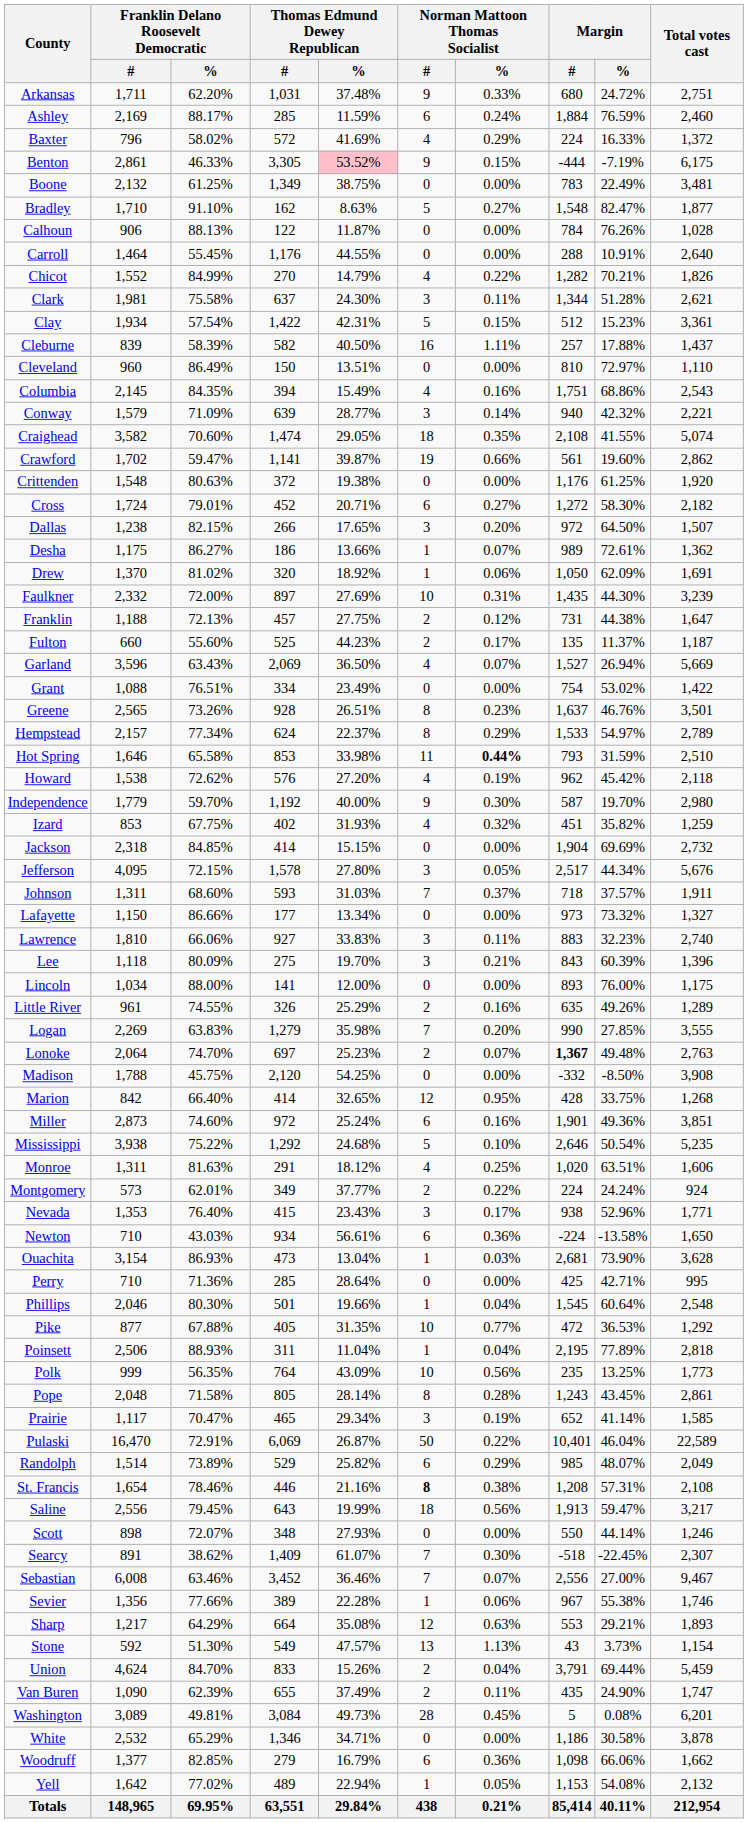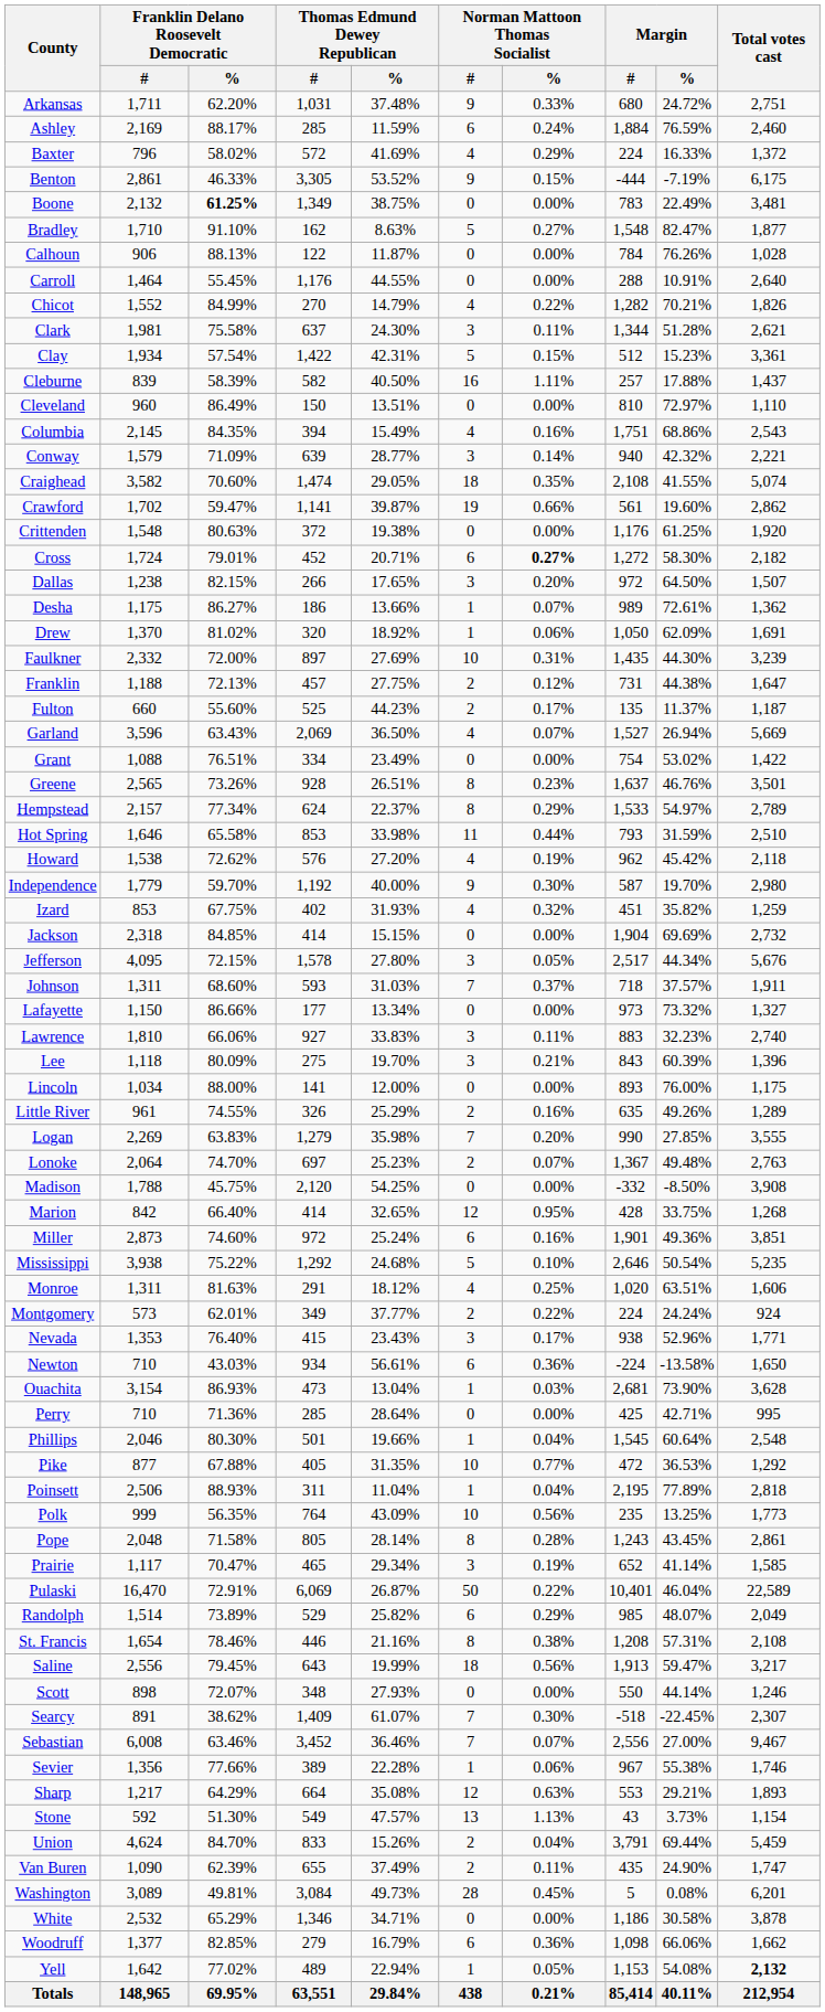 <table width="65%" class="wikitable sortable mw-collapsible mw-collapsed nowrap">
 <tr>
 <th style="text-align:center;" rowspan="2">County</th>
 <th style="text-align:center;" colspan="2">Franklin Delano Roosevelt<br>Democratic</th>
 <th style="text-align:center;" colspan="2">Thomas Edmund Dewey<br>Republican</th>
 <th style="text-align:center;" colspan="2">Norman Mattoon Thomas<br>Socialist</th>
 <th style="text-align:center;" colspan="2">Margin</th>
 <th style="text-align:center;" rowspan="2">Total votes cast</th>
 </tr>
 <tr>
 <th style="text-align:center;" data-sort-type="number">#</th>
 <th style="text-align:center;" data-sort-type="number">%</th>
 <th style="text-align:center;" data-sort-type="number">#</th>
 <th style="text-align:center;" data-sort-type="number">%</th>
 <th style="text-align:center;" data-sort-type="number">#</th>
 <th style="text-align:center;" data-sort-type="number">%</th>
 <th style="text-align:center;" data-sort-type="number">#</th>
 <th style="text-align:center;" data-sort-type="number">%</th>
 </tr>
 <tr style="text-align:center;">
 <td><a href='#'>Arkansas</a></td>
 <td>1,711</td>
 <td>62.20%</td>
 <td>1,031</td>
 <td>37.48%</td>
 <td>9</td>
 <td>0.33%</td>
 <td>680</td>
 <td>24.72%</td>
 <td>2,751</td>
 </tr>
 <tr style="text-align:center;">
 <td><a href='#'>Ashley</a></td>
 <td>2,169</td>
 <td>88.17%</td>
 <td>285</td>
 <td>11.59%</td>
 <td>6</td>
 <td>0.24%</td>
 <td>1,884</td>
 <td>76.59%</td>
 <td>2,460</td>
 </tr>
 <tr style="text-align:center;">
 <td><a href='#'>Baxter</a></td>
 <td>796</td>
 <td>58.02%</td>
 <td>572</td>
 <td>41.69%</td>
 <td>4</td>
 <td>0.29%</td>
 <td>224</td>
 <td>16.33%</td>
 <td>1,372</td>
 </tr>
 <tr style="text-align:center;">
 <td><a href='#'>Benton</a></td>
 <td>2,861</td>
 <td>46.33%</td>
 <td>3,305</td>
-<td style="background: pink;">53.52%</td>
+<td>53.52%</td>
 <td>9</td>
 <td>0.15%</td>
 <td>-444</td>
 <td>-7.19%</td>
 <td>6,175</td>
 </tr>
 <tr style="text-align:center;">
 <td><a href='#'>Boone</a></td>
 <td>2,132</td>
-<td>61.25%</td>
+<td><strong>61.25%</strong></td>
 <td>1,349</td>
 <td>38.75%</td>
 <td>0</td>
 <td>0.00%</td>
 <td>783</td>
 <td>22.49%</td>
 <td>3,481</td>
 </tr>
 <tr style="text-align:center;">
 <td><a href='#'>Bradley</a></td>
 <td>1,710</td>
 <td>91.10%</td>
 <td>162</td>
 <td>8.63%</td>
 <td>5</td>
 <td>0.27%</td>
 <td>1,548</td>
 <td>82.47%</td>
 <td>1,877</td>
 </tr>
 <tr style="text-align:center;">
 <td><a href='#'>Calhoun</a></td>
 <td>906</td>
 <td>88.13%</td>
 <td>122</td>
 <td>11.87%</td>
 <td>0</td>
 <td>0.00%</td>
 <td>784</td>
 <td>76.26%</td>
 <td>1,028</td>
 </tr>
 <tr style="text-align:center;">
 <td><a href='#'>Carroll</a></td>
 <td>1,464</td>
 <td>55.45%</td>
 <td>1,176</td>
 <td>44.55%</td>
 <td>0</td>
 <td>0.00%</td>
 <td>288</td>
 <td>10.91%</td>
 <td>2,640</td>
 </tr>
 <tr style="text-align:center;">
 <td><a href='#'>Chicot</a></td>
 <td>1,552</td>
 <td>84.99%</td>
 <td>270</td>
 <td>14.79%</td>
 <td>4</td>
 <td>0.22%</td>
 <td>1,282</td>
 <td>70.21%</td>
 <td>1,826</td>
 </tr>
 <tr style="text-align:center;">
 <td><a href='#'>Clark</a></td>
 <td>1,981</td>
 <td>75.58%</td>
 <td>637</td>
 <td>24.30%</td>
 <td>3</td>
 <td>0.11%</td>
 <td>1,344</td>
 <td>51.28%</td>
 <td>2,621</td>
 </tr>
 <tr style="text-align:center;">
 <td><a href='#'>Clay</a></td>
 <td>1,934</td>
 <td>57.54%</td>
 <td>1,422</td>
 <td>42.31%</td>
 <td>5</td>
 <td>0.15%</td>
 <td>512</td>
 <td>15.23%</td>
 <td>3,361</td>
 </tr>
 <tr style="text-align:center;">
 <td><a href='#'>Cleburne</a></td>
 <td>839</td>
 <td>58.39%</td>
 <td>582</td>
 <td>40.50%</td>
 <td>16</td>
 <td>1.11%</td>
 <td>257</td>
 <td>17.88%</td>
 <td>1,437</td>
 </tr>
 <tr style="text-align:center;">
 <td><a href='#'>Cleveland</a></td>
 <td>960</td>
 <td>86.49%</td>
 <td>150</td>
 <td>13.51%</td>
 <td>0</td>
 <td>0.00%</td>
 <td>810</td>
 <td>72.97%</td>
 <td>1,110</td>
 </tr>
 <tr style="text-align:center;">
 <td><a href='#'>Columbia</a></td>
 <td>2,145</td>
 <td>84.35%</td>
 <td>394</td>
 <td>15.49%</td>
 <td>4</td>
 <td>0.16%</td>
 <td>1,751</td>
 <td>68.86%</td>
 <td>2,543</td>
 </tr>
 <tr style="text-align:center;">
 <td><a href='#'>Conway</a></td>
 <td>1,579</td>
 <td>71.09%</td>
 <td>639</td>
 <td>28.77%</td>
 <td>3</td>
 <td>0.14%</td>
 <td>940</td>
 <td>42.32%</td>
 <td>2,221</td>
 </tr>
 <tr style="text-align:center;">
 <td><a href='#'>Craighead</a></td>
 <td>3,582</td>
 <td>70.60%</td>
 <td>1,474</td>
 <td>29.05%</td>
 <td>18</td>
 <td>0.35%</td>
 <td>2,108</td>
 <td>41.55%</td>
 <td>5,074</td>
 </tr>
 <tr style="text-align:center;">
 <td><a href='#'>Crawford</a></td>
 <td>1,702</td>
 <td>59.47%</td>
 <td>1,141</td>
 <td>39.87%</td>
 <td>19</td>
 <td>0.66%</td>
 <td>561</td>
 <td>19.60%</td>
 <td>2,862</td>
 </tr>
 <tr style="text-align:center;">
 <td><a href='#'>Crittenden</a></td>
 <td>1,548</td>
 <td>80.63%</td>
 <td>372</td>
 <td>19.38%</td>
 <td>0</td>
 <td>0.00%</td>
 <td>1,176</td>
 <td>61.25%</td>
 <td>1,920</td>
 </tr>
 <tr style="text-align:center;">
 <td><a href='#'>Cross</a></td>
 <td>1,724</td>
 <td>79.01%</td>
 <td>452</td>
 <td>20.71%</td>
 <td>6</td>
-<td>0.27%</td>
+<td><strong>0.27%</strong></td>
 <td>1,272</td>
 <td>58.30%</td>
 <td>2,182</td>
 </tr>
 <tr style="text-align:center;">
 <td><a href='#'>Dallas</a></td>
 <td>1,238</td>
 <td>82.15%</td>
 <td>266</td>
 <td>17.65%</td>
 <td>3</td>
 <td>0.20%</td>
 <td>972</td>
 <td>64.50%</td>
 <td>1,507</td>
 </tr>
 <tr style="text-align:center;">
 <td><a href='#'>Desha</a></td>
 <td>1,175</td>
 <td>86.27%</td>
 <td>186</td>
 <td>13.66%</td>
 <td>1</td>
 <td>0.07%</td>
 <td>989</td>
 <td>72.61%</td>
 <td>1,362</td>
 </tr>
 <tr style="text-align:center;">
 <td><a href='#'>Drew</a></td>
 <td>1,370</td>
 <td>81.02%</td>
 <td>320</td>
 <td>18.92%</td>
 <td>1</td>
 <td>0.06%</td>
 <td>1,050</td>
 <td>62.09%</td>
 <td>1,691</td>
 </tr>
 <tr style="text-align:center;">
 <td><a href='#'>Faulkner</a></td>
 <td>2,332</td>
 <td>72.00%</td>
 <td>897</td>
 <td>27.69%</td>
 <td>10</td>
 <td>0.31%</td>
 <td>1,435</td>
 <td>44.30%</td>
 <td>3,239</td>
 </tr>
 <tr style="text-align:center;">
 <td><a href='#'>Franklin</a></td>
 <td>1,188</td>
 <td>72.13%</td>
 <td>457</td>
 <td>27.75%</td>
 <td>2</td>
 <td>0.12%</td>
 <td>731</td>
 <td>44.38%</td>
 <td>1,647</td>
 </tr>
 <tr style="text-align:center;">
 <td><a href='#'>Fulton</a></td>
 <td>660</td>
 <td>55.60%</td>
 <td>525</td>
 <td>44.23%</td>
 <td>2</td>
 <td>0.17%</td>
 <td>135</td>
 <td>11.37%</td>
 <td>1,187</td>
 </tr>
 <tr style="text-align:center;">
 <td><a href='#'>Garland</a></td>
 <td>3,596</td>
 <td>63.43%</td>
 <td>2,069</td>
 <td>36.50%</td>
 <td>4</td>
 <td>0.07%</td>
 <td>1,527</td>
 <td>26.94%</td>
 <td>5,669</td>
 </tr>
 <tr style="text-align:center;">
 <td><a href='#'>Grant</a></td>
 <td>1,088</td>
 <td>76.51%</td>
 <td>334</td>
 <td>23.49%</td>
 <td>0</td>
 <td>0.00%</td>
 <td>754</td>
 <td>53.02%</td>
 <td>1,422</td>
 </tr>
 <tr style="text-align:center;">
 <td><a href='#'>Greene</a></td>
 <td>2,565</td>
 <td>73.26%</td>
 <td>928</td>
 <td>26.51%</td>
 <td>8</td>
 <td>0.23%</td>
 <td>1,637</td>
 <td>46.76%</td>
 <td>3,501</td>
 </tr>
 <tr style="text-align:center;">
 <td><a href='#'>Hempstead</a></td>
 <td>2,157</td>
 <td>77.34%</td>
 <td>624</td>
 <td>22.37%</td>
 <td>8</td>
 <td>0.29%</td>
 <td>1,533</td>
 <td>54.97%</td>
 <td>2,789</td>
 </tr>
 <tr style="text-align:center;">
 <td><a href='#'>Hot Spring</a></td>
 <td>1,646</td>
 <td>65.58%</td>
 <td>853</td>
 <td>33.98%</td>
 <td>11</td>
-<td><strong>0.44%</strong></td>
+<td>0.44%</td>
 <td>793</td>
 <td>31.59%</td>
 <td>2,510</td>
 </tr>
 <tr style="text-align:center;">
 <td><a href='#'>Howard</a></td>
 <td>1,538</td>
 <td>72.62%</td>
 <td>576</td>
 <td>27.20%</td>
 <td>4</td>
 <td>0.19%</td>
 <td>962</td>
 <td>45.42%</td>
 <td>2,118</td>
 </tr>
 <tr style="text-align:center;">
 <td><a href='#'>Independence</a></td>
 <td>1,779</td>
 <td>59.70%</td>
 <td>1,192</td>
 <td>40.00%</td>
 <td>9</td>
 <td>0.30%</td>
 <td>587</td>
 <td>19.70%</td>
 <td>2,980</td>
 </tr>
 <tr style="text-align:center;">
 <td><a href='#'>Izard</a></td>
 <td>853</td>
 <td>67.75%</td>
 <td>402</td>
 <td>31.93%</td>
 <td>4</td>
 <td>0.32%</td>
 <td>451</td>
 <td>35.82%</td>
 <td>1,259</td>
 </tr>
 <tr style="text-align:center;">
 <td><a href='#'>Jackson</a></td>
 <td>2,318</td>
 <td>84.85%</td>
 <td>414</td>
 <td>15.15%</td>
 <td>0</td>
 <td>0.00%</td>
 <td>1,904</td>
 <td>69.69%</td>
 <td>2,732</td>
 </tr>
 <tr style="text-align:center;">
 <td><a href='#'>Jefferson</a></td>
 <td>4,095</td>
 <td>72.15%</td>
 <td>1,578</td>
 <td>27.80%</td>
 <td>3</td>
 <td>0.05%</td>
 <td>2,517</td>
 <td>44.34%</td>
 <td>5,676</td>
 </tr>
 <tr style="text-align:center;">
 <td><a href='#'>Johnson</a></td>
 <td>1,311</td>
 <td>68.60%</td>
 <td>593</td>
 <td>31.03%</td>
 <td>7</td>
 <td>0.37%</td>
 <td>718</td>
 <td>37.57%</td>
 <td>1,911</td>
 </tr>
 <tr style="text-align:center;">
 <td><a href='#'>Lafayette</a></td>
 <td>1,150</td>
 <td>86.66%</td>
 <td>177</td>
 <td>13.34%</td>
 <td>0</td>
 <td>0.00%</td>
 <td>973</td>
 <td>73.32%</td>
 <td>1,327</td>
 </tr>
 <tr style="text-align:center;">
 <td><a href='#'>Lawrence</a></td>
 <td>1,810</td>
 <td>66.06%</td>
 <td>927</td>
 <td>33.83%</td>
 <td>3</td>
 <td>0.11%</td>
 <td>883</td>
 <td>32.23%</td>
 <td>2,740</td>
 </tr>
 <tr style="text-align:center;">
 <td><a href='#'>Lee</a></td>
 <td>1,118</td>
 <td>80.09%</td>
 <td>275</td>
 <td>19.70%</td>
 <td>3</td>
 <td>0.21%</td>
 <td>843</td>
 <td>60.39%</td>
 <td>1,396</td>
 </tr>
 <tr style="text-align:center;">
 <td><a href='#'>Lincoln</a></td>
 <td>1,034</td>
 <td>88.00%</td>
 <td>141</td>
 <td>12.00%</td>
 <td>0</td>
 <td>0.00%</td>
 <td>893</td>
 <td>76.00%</td>
 <td>1,175</td>
 </tr>
 <tr style="text-align:center;">
 <td><a href='#'>Little River</a></td>
 <td>961</td>
 <td>74.55%</td>
 <td>326</td>
 <td>25.29%</td>
 <td>2</td>
 <td>0.16%</td>
 <td>635</td>
 <td>49.26%</td>
 <td>1,289</td>
 </tr>
 <tr style="text-align:center;">
 <td><a href='#'>Logan</a></td>
 <td>2,269</td>
 <td>63.83%</td>
 <td>1,279</td>
 <td>35.98%</td>
 <td>7</td>
 <td>0.20%</td>
 <td>990</td>
 <td>27.85%</td>
 <td>3,555</td>
 </tr>
 <tr style="text-align:center;">
 <td><a href='#'>Lonoke</a></td>
 <td>2,064</td>
 <td>74.70%</td>
 <td>697</td>
 <td>25.23%</td>
 <td>2</td>
 <td>0.07%</td>
-<td><strong>1,367</strong></td>
+<td>1,367</td>
 <td>49.48%</td>
 <td>2,763</td>
 </tr>
 <tr style="text-align:center;">
 <td><a href='#'>Madison</a></td>
 <td>1,788</td>
 <td>45.75%</td>
 <td>2,120</td>
 <td>54.25%</td>
 <td>0</td>
 <td>0.00%</td>
 <td>-332</td>
 <td>-8.50%</td>
 <td>3,908</td>
 </tr>
 <tr style="text-align:center;">
 <td><a href='#'>Marion</a></td>
 <td>842</td>
 <td>66.40%</td>
 <td>414</td>
 <td>32.65%</td>
 <td>12</td>
 <td>0.95%</td>
 <td>428</td>
 <td>33.75%</td>
 <td>1,268</td>
 </tr>
 <tr style="text-align:center;">
 <td><a href='#'>Miller</a></td>
 <td>2,873</td>
 <td>74.60%</td>
 <td>972</td>
 <td>25.24%</td>
 <td>6</td>
 <td>0.16%</td>
 <td>1,901</td>
 <td>49.36%</td>
 <td>3,851</td>
 </tr>
 <tr style="text-align:center;">
 <td><a href='#'>Mississippi</a></td>
 <td>3,938</td>
 <td>75.22%</td>
 <td>1,292</td>
 <td>24.68%</td>
 <td>5</td>
 <td>0.10%</td>
 <td>2,646</td>
 <td>50.54%</td>
 <td>5,235</td>
 </tr>
 <tr style="text-align:center;">
 <td><a href='#'>Monroe</a></td>
 <td>1,311</td>
 <td>81.63%</td>
 <td>291</td>
 <td>18.12%</td>
 <td>4</td>
 <td>0.25%</td>
 <td>1,020</td>
 <td>63.51%</td>
 <td>1,606</td>
 </tr>
 <tr style="text-align:center;">
 <td><a href='#'>Montgomery</a></td>
 <td>573</td>
 <td>62.01%</td>
 <td>349</td>
 <td>37.77%</td>
 <td>2</td>
 <td>0.22%</td>
 <td>224</td>
 <td>24.24%</td>
 <td>924</td>
 </tr>
 <tr style="text-align:center;">
 <td><a href='#'>Nevada</a></td>
 <td>1,353</td>
 <td>76.40%</td>
 <td>415</td>
 <td>23.43%</td>
 <td>3</td>
 <td>0.17%</td>
 <td>938</td>
 <td>52.96%</td>
 <td>1,771</td>
 </tr>
 <tr style="text-align:center;">
 <td><a href='#'>Newton</a></td>
 <td>710</td>
 <td>43.03%</td>
 <td>934</td>
 <td>56.61%</td>
 <td>6</td>
 <td>0.36%</td>
 <td>-224</td>
 <td>-13.58%</td>
 <td>1,650</td>
 </tr>
 <tr style="text-align:center;">
 <td><a href='#'>Ouachita</a></td>
 <td>3,154</td>
 <td>86.93%</td>
 <td>473</td>
 <td>13.04%</td>
 <td>1</td>
 <td>0.03%</td>
 <td>2,681</td>
 <td>73.90%</td>
 <td>3,628</td>
 </tr>
 <tr style="text-align:center;">
 <td><a href='#'>Perry</a></td>
 <td>710</td>
 <td>71.36%</td>
 <td>285</td>
 <td>28.64%</td>
 <td>0</td>
 <td>0.00%</td>
 <td>425</td>
 <td>42.71%</td>
 <td>995</td>
 </tr>
 <tr style="text-align:center;">
 <td><a href='#'>Phillips</a></td>
 <td>2,046</td>
 <td>80.30%</td>
 <td>501</td>
 <td>19.66%</td>
 <td>1</td>
 <td>0.04%</td>
 <td>1,545</td>
 <td>60.64%</td>
 <td>2,548</td>
 </tr>
 <tr style="text-align:center;">
 <td><a href='#'>Pike</a></td>
 <td>877</td>
 <td>67.88%</td>
 <td>405</td>
 <td>31.35%</td>
 <td>10</td>
 <td>0.77%</td>
 <td>472</td>
 <td>36.53%</td>
 <td>1,292</td>
 </tr>
 <tr style="text-align:center;">
 <td><a href='#'>Poinsett</a></td>
 <td>2,506</td>
 <td>88.93%</td>
 <td>311</td>
 <td>11.04%</td>
 <td>1</td>
 <td>0.04%</td>
 <td>2,195</td>
 <td>77.89%</td>
 <td>2,818</td>
 </tr>
 <tr style="text-align:center;">
 <td><a href='#'>Polk</a></td>
 <td>999</td>
 <td>56.35%</td>
 <td>764</td>
 <td>43.09%</td>
 <td>10</td>
 <td>0.56%</td>
 <td>235</td>
 <td>13.25%</td>
 <td>1,773</td>
 </tr>
 <tr style="text-align:center;">
 <td><a href='#'>Pope</a></td>
 <td>2,048</td>
 <td>71.58%</td>
 <td>805</td>
 <td>28.14%</td>
 <td>8</td>
 <td>0.28%</td>
 <td>1,243</td>
 <td>43.45%</td>
 <td>2,861</td>
 </tr>
 <tr style="text-align:center;">
 <td><a href='#'>Prairie</a></td>
 <td>1,117</td>
 <td>70.47%</td>
 <td>465</td>
 <td>29.34%</td>
 <td>3</td>
 <td>0.19%</td>
 <td>652</td>
 <td>41.14%</td>
 <td>1,585</td>
 </tr>
 <tr style="text-align:center;">
 <td><a href='#'>Pulaski</a></td>
 <td>16,470</td>
 <td>72.91%</td>
 <td>6,069</td>
 <td>26.87%</td>
 <td>50</td>
 <td>0.22%</td>
 <td>10,401</td>
 <td>46.04%</td>
 <td>22,589</td>
 </tr>
 <tr style="text-align:center;">
 <td><a href='#'>Randolph</a></td>
 <td>1,514</td>
 <td>73.89%</td>
 <td>529</td>
 <td>25.82%</td>
 <td>6</td>
 <td>0.29%</td>
 <td>985</td>
 <td>48.07%</td>
 <td>2,049</td>
 </tr>
 <tr style="text-align:center;">
 <td><a href='#'>St. Francis</a></td>
 <td>1,654</td>
 <td>78.46%</td>
 <td>446</td>
 <td>21.16%</td>
-<td><strong>8</strong></td>
+<td>8</td>
 <td>0.38%</td>
 <td>1,208</td>
 <td>57.31%</td>
 <td>2,108</td>
 </tr>
 <tr style="text-align:center;">
 <td><a href='#'>Saline</a></td>
 <td>2,556</td>
 <td>79.45%</td>
 <td>643</td>
 <td>19.99%</td>
 <td>18</td>
 <td>0.56%</td>
 <td>1,913</td>
 <td>59.47%</td>
 <td>3,217</td>
 </tr>
 <tr style="text-align:center;">
 <td><a href='#'>Scott</a></td>
 <td>898</td>
 <td>72.07%</td>
 <td>348</td>
 <td>27.93%</td>
 <td>0</td>
 <td>0.00%</td>
 <td>550</td>
 <td>44.14%</td>
 <td>1,246</td>
 </tr>
 <tr style="text-align:center;">
 <td><a href='#'>Searcy</a></td>
 <td>891</td>
 <td>38.62%</td>
 <td>1,409</td>
 <td>61.07%</td>
 <td>7</td>
 <td>0.30%</td>
 <td>-518</td>
 <td>-22.45%</td>
 <td>2,307</td>
 </tr>
 <tr style="text-align:center;">
 <td><a href='#'>Sebastian</a></td>
 <td>6,008</td>
 <td>63.46%</td>
 <td>3,452</td>
 <td>36.46%</td>
 <td>7</td>
 <td>0.07%</td>
 <td>2,556</td>
 <td>27.00%</td>
 <td>9,467</td>
 </tr>
 <tr style="text-align:center;">
 <td><a href='#'>Sevier</a></td>
 <td>1,356</td>
 <td>77.66%</td>
 <td>389</td>
 <td>22.28%</td>
 <td>1</td>
 <td>0.06%</td>
 <td>967</td>
 <td>55.38%</td>
 <td>1,746</td>
 </tr>
 <tr style="text-align:center;">
 <td><a href='#'>Sharp</a></td>
 <td>1,217</td>
 <td>64.29%</td>
 <td>664</td>
 <td>35.08%</td>
 <td>12</td>
 <td>0.63%</td>
 <td>553</td>
 <td>29.21%</td>
 <td>1,893</td>
 </tr>
 <tr style="text-align:center;">
 <td><a href='#'>Stone</a></td>
 <td>592</td>
 <td>51.30%</td>
 <td>549</td>
 <td>47.57%</td>
 <td>13</td>
 <td>1.13%</td>
 <td>43</td>
 <td>3.73%</td>
 <td>1,154</td>
 </tr>
 <tr style="text-align:center;">
 <td><a href='#'>Union</a></td>
 <td>4,624</td>
 <td>84.70%</td>
 <td>833</td>
 <td>15.26%</td>
 <td>2</td>
 <td>0.04%</td>
 <td>3,791</td>
 <td>69.44%</td>
 <td>5,459</td>
 </tr>
 <tr style="text-align:center;">
 <td><a href='#'>Van Buren</a></td>
 <td>1,090</td>
 <td>62.39%</td>
 <td>655</td>
 <td>37.49%</td>
 <td>2</td>
 <td>0.11%</td>
 <td>435</td>
 <td>24.90%</td>
 <td>1,747</td>
 </tr>
 <tr style="text-align:center;">
 <td><a href='#'>Washington</a></td>
 <td>3,089</td>
 <td>49.81%</td>
 <td>3,084</td>
 <td>49.73%</td>
 <td>28</td>
 <td>0.45%</td>
 <td>5</td>
 <td>0.08%</td>
 <td>6,201</td>
 </tr>
 <tr style="text-align:center;">
 <td><a href='#'>White</a></td>
 <td>2,532</td>
 <td>65.29%</td>
 <td>1,346</td>
 <td>34.71%</td>
 <td>0</td>
 <td>0.00%</td>
 <td>1,186</td>
 <td>30.58%</td>
 <td>3,878</td>
 </tr>
 <tr style="text-align:center;">
 <td><a href='#'>Woodruff</a></td>
 <td>1,377</td>
 <td>82.85%</td>
 <td>279</td>
 <td>16.79%</td>
 <td>6</td>
 <td>0.36%</td>
 <td>1,098</td>
 <td>66.06%</td>
 <td>1,662</td>
 </tr>
 <tr style="text-align:center;">
 <td><a href='#'>Yell</a></td>
 <td>1,642</td>
 <td>77.02%</td>
 <td>489</td>
 <td>22.94%</td>
 <td>1</td>
 <td>0.05%</td>
 <td>1,153</td>
 <td>54.08%</td>
-<td>2,132</td>
+<td><strong>2,132</strong></td>
 </tr>
 <tr style="text-align:center;">
 <th>Totals</th>
 <th>148,965</th>
 <th>69.95%</th>
 <th>63,551</th>
 <th>29.84%</th>
 <th>438</th>
 <th>0.21%</th>
 <th>85,414</th>
 <th>40.11%</th>
 <th>212,954</th>
 </tr>
 </table>
